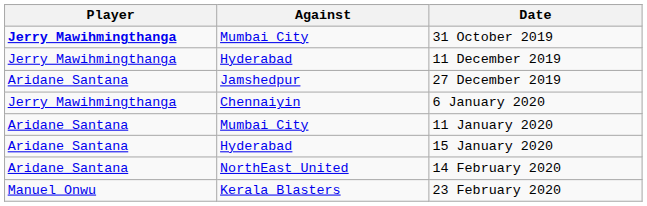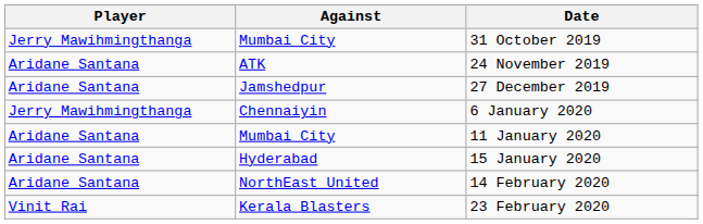 <table class="wikitable" style="text-align:left">
 <tr>
 <th style="width:200px;" style="background:#1f1d4a; color:#FF0000;">Player</th>
 <th style="width:200px;" style="background:#1f1d4a; color:#FF0000;">Against</th>
 <th style="width:200px;" style="background:#1f1d4a; color:#FF0000;">Date</th>
 </tr>
 <tr>
-<td><strong> <a href='#'>Jerry Mawihmingthanga</a></strong></td>
+<td> <a href='#'>Jerry Mawihmingthanga</a></td>
 <td><a href='#'>Mumbai City</a></td>
 <td>31 October 2019</td>
 </tr>
 <tr>
-<td> <a href='#'>Jerry Mawihmingthanga</a></td>
-<td><a href='#'>Hyderabad</a></td>
-<td>11 December 2019</td>
+<td> <a href='#'>Aridane Santana</a></td>
+<td><a href='#'>ATK</a></td>
+<td>24 November 2019</td>
 </tr>
 <tr>
 <td> <a href='#'>Aridane Santana</a></td>
 <td><a href='#'>Jamshedpur</a></td>
 <td>27 December 2019</td>
 </tr>
 <tr>
 <td> <a href='#'>Jerry Mawihmingthanga</a></td>
 <td><a href='#'>Chennaiyin</a></td>
 <td>6 January 2020</td>
 </tr>
 <tr>
 <td> <a href='#'>Aridane Santana</a></td>
 <td><a href='#'>Mumbai City</a></td>
 <td>11 January 2020</td>
 </tr>
 <tr>
 <td> <a href='#'>Aridane Santana</a></td>
 <td><a href='#'>Hyderabad</a></td>
 <td>15 January 2020</td>
 </tr>
 <tr>
 <td> <a href='#'>Aridane Santana</a></td>
 <td><a href='#'>NorthEast United</a></td>
 <td>14 February 2020</td>
 </tr>
 <tr>
-<td> <a href='#'>Manuel Onwu</a></td>
+<td> <a href='#'>Vinit Rai</a></td>
 <td><a href='#'>Kerala Blasters</a></td>
 <td>23 February 2020</td>
 </tr>
 </table>
